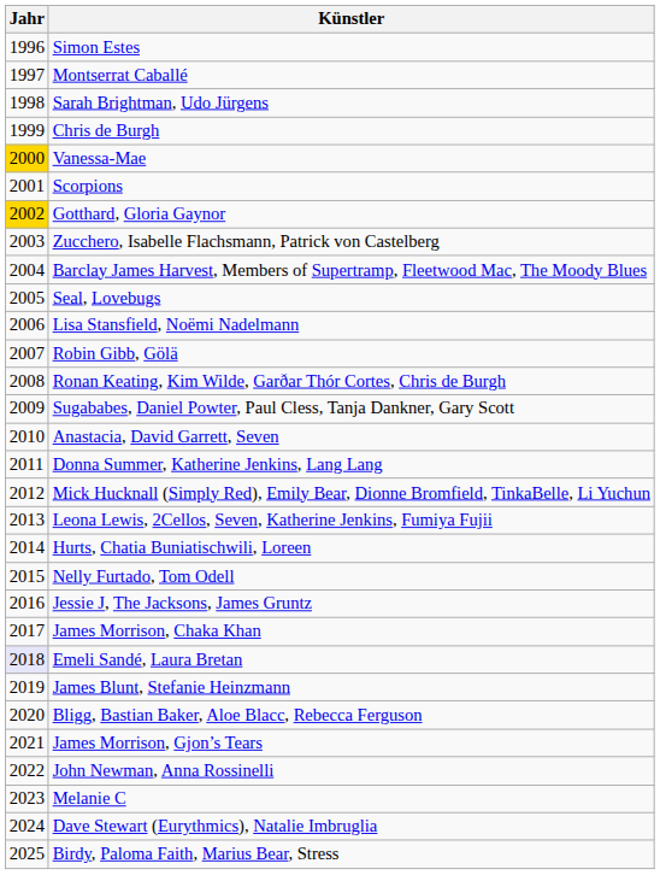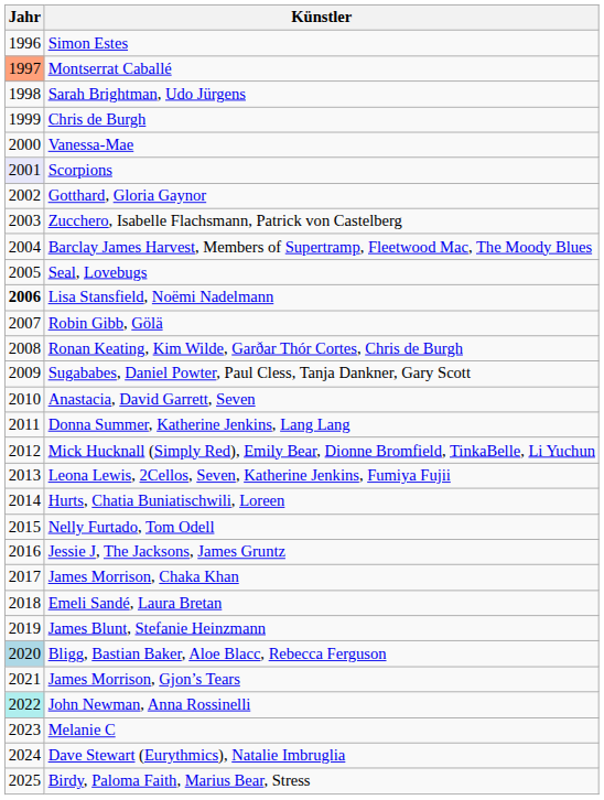 <table class="wikitable">
 <tr>
 <th>Jahr</th>
 <th>Künstler</th>
 </tr>
 <tr>
 <td>1996</td>
 <td><a href='#'>Simon Estes</a></td>
 </tr>
 <tr>
-<td>1997</td>
+<td style="background: lightsalmon;">1997</td>
 <td><a href='#'>Montserrat Caballé</a></td>
 </tr>
 <tr>
 <td>1998</td>
 <td><a href='#'>Sarah Brightman</a>, <a href='#'>Udo Jürgens</a></td>
 </tr>
 <tr>
 <td>1999</td>
 <td><a href='#'>Chris de Burgh</a></td>
 </tr>
 <tr>
-<td style="background: gold;">2000</td>
+<td>2000</td>
 <td><a href='#'>Vanessa-Mae</a></td>
 </tr>
 <tr>
-<td>2001</td>
+<td style="background: lavender;">2001</td>
 <td><a href='#'>Scorpions</a></td>
 </tr>
 <tr>
-<td style="background: gold;">2002</td>
+<td>2002</td>
 <td><a href='#'>Gotthard</a>, <a href='#'>Gloria Gaynor</a></td>
 </tr>
 <tr>
 <td>2003</td>
 <td><a href='#'>Zucchero</a>, Isabelle Flachsmann,  Patrick von Castelberg</td>
 </tr>
 <tr>
 <td>2004</td>
 <td><a href='#'>Barclay James Harvest</a>, Members of <a href='#'>Supertramp</a>, <a href='#'>Fleetwood Mac</a>, <a href='#'>The Moody Blues</a></td>
 </tr>
 <tr>
 <td>2005</td>
 <td><a href='#'>Seal</a>, <a href='#'>Lovebugs</a></td>
 </tr>
 <tr>
-<td>2006</td>
+<td><strong>2006</strong></td>
 <td><a href='#'>Lisa Stansfield</a>, <a href='#'>Noëmi Nadelmann</a></td>
 </tr>
 <tr>
 <td>2007</td>
 <td><a href='#'>Robin Gibb</a>, <a href='#'>Gölä</a></td>
 </tr>
 <tr>
 <td>2008</td>
 <td><a href='#'>Ronan Keating</a>, <a href='#'>Kim Wilde</a>, <a href='#'>Garðar Thór Cortes</a>, <a href='#'>Chris de Burgh</a></td>
 </tr>
 <tr>
 <td>2009</td>
 <td><a href='#'>Sugababes</a>, <a href='#'>Daniel Powter</a>, Paul Cless, Tanja Dankner, Gary Scott</td>
 </tr>
 <tr>
 <td>2010</td>
 <td><a href='#'>Anastacia</a>, <a href='#'>David Garrett</a>, <a href='#'>Seven</a></td>
 </tr>
 <tr>
 <td>2011</td>
 <td><a href='#'>Donna Summer</a>, <a href='#'>Katherine Jenkins</a>, <a href='#'>Lang Lang</a></td>
 </tr>
 <tr>
 <td>2012</td>
 <td><a href='#'>Mick Hucknall</a> (<a href='#'>Simply Red</a>), <a href='#'>Emily Bear</a>, <a href='#'>Dionne Bromfield</a>, <a href='#'>TinkaBelle</a>, <a href='#'>Li Yuchun</a></td>
 </tr>
 <tr>
 <td>2013</td>
 <td><a href='#'>Leona Lewis</a>, <a href='#'>2Cellos</a>, <a href='#'>Seven</a>, <a href='#'>Katherine Jenkins</a>, <a href='#'>Fumiya Fujii</a></td>
 </tr>
 <tr>
 <td>2014</td>
 <td><a href='#'>Hurts</a>, <a href='#'>Chatia Buniatischwili</a>, <a href='#'>Loreen</a></td>
 </tr>
 <tr>
 <td>2015</td>
 <td><a href='#'>Nelly Furtado</a>, <a href='#'>Tom Odell</a></td>
 </tr>
 <tr>
 <td>2016</td>
 <td><a href='#'>Jessie J</a>, <a href='#'>The Jacksons</a>, <a href='#'>James Gruntz</a></td>
 </tr>
 <tr>
 <td>2017</td>
 <td><a href='#'>James Morrison</a>, <a href='#'>Chaka Khan</a></td>
 </tr>
 <tr>
-<td style="background: lavender;">2018</td>
+<td>2018</td>
 <td><a href='#'>Emeli Sandé</a>, <a href='#'>Laura Bretan</a></td>
 </tr>
 <tr>
 <td>2019</td>
 <td><a href='#'>James Blunt</a>, <a href='#'>Stefanie Heinzmann</a></td>
 </tr>
 <tr>
-<td>2020</td>
+<td style="background: lightblue;">2020</td>
 <td><a href='#'>Bligg</a>, <a href='#'>Bastian Baker</a>, <a href='#'>Aloe Blacc</a>, <a href='#'>Rebecca Ferguson</a></td>
 </tr>
 <tr>
 <td>2021</td>
 <td><a href='#'>James Morrison</a>, <a href='#'>Gjon’s Tears</a></td>
 </tr>
 <tr>
-<td>2022</td>
+<td style="background: paleturquoise;">2022</td>
 <td><a href='#'>John Newman</a>, <a href='#'>Anna Rossinelli</a></td>
 </tr>
 <tr>
 <td>2023</td>
 <td><a href='#'>Melanie C</a></td>
 </tr>
 <tr>
 <td>2024</td>
 <td><a href='#'>Dave Stewart</a> (<a href='#'>Eurythmics</a>), <a href='#'>Natalie Imbruglia</a></td>
 </tr>
 <tr>
 <td>2025</td>
 <td><a href='#'>Birdy</a>, <a href='#'>Paloma Faith</a>, <a href='#'>Marius Bear</a>, Stress</td>
 </tr>
 </table>
